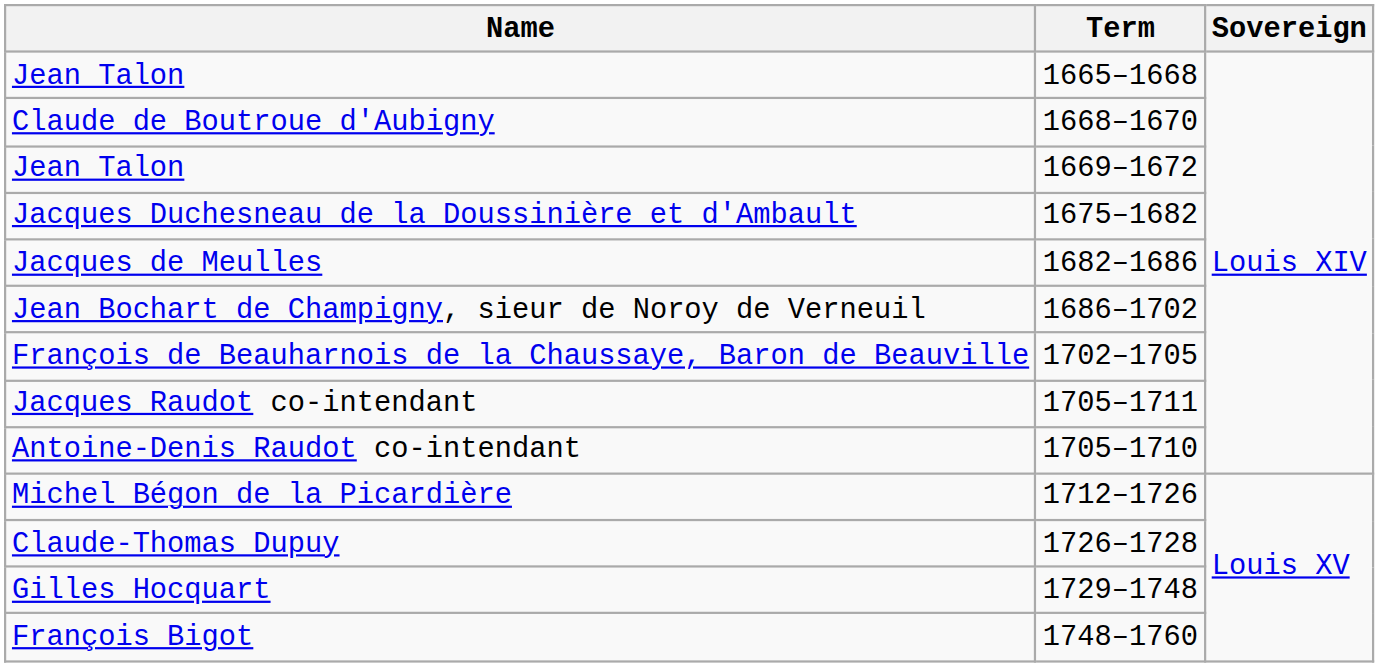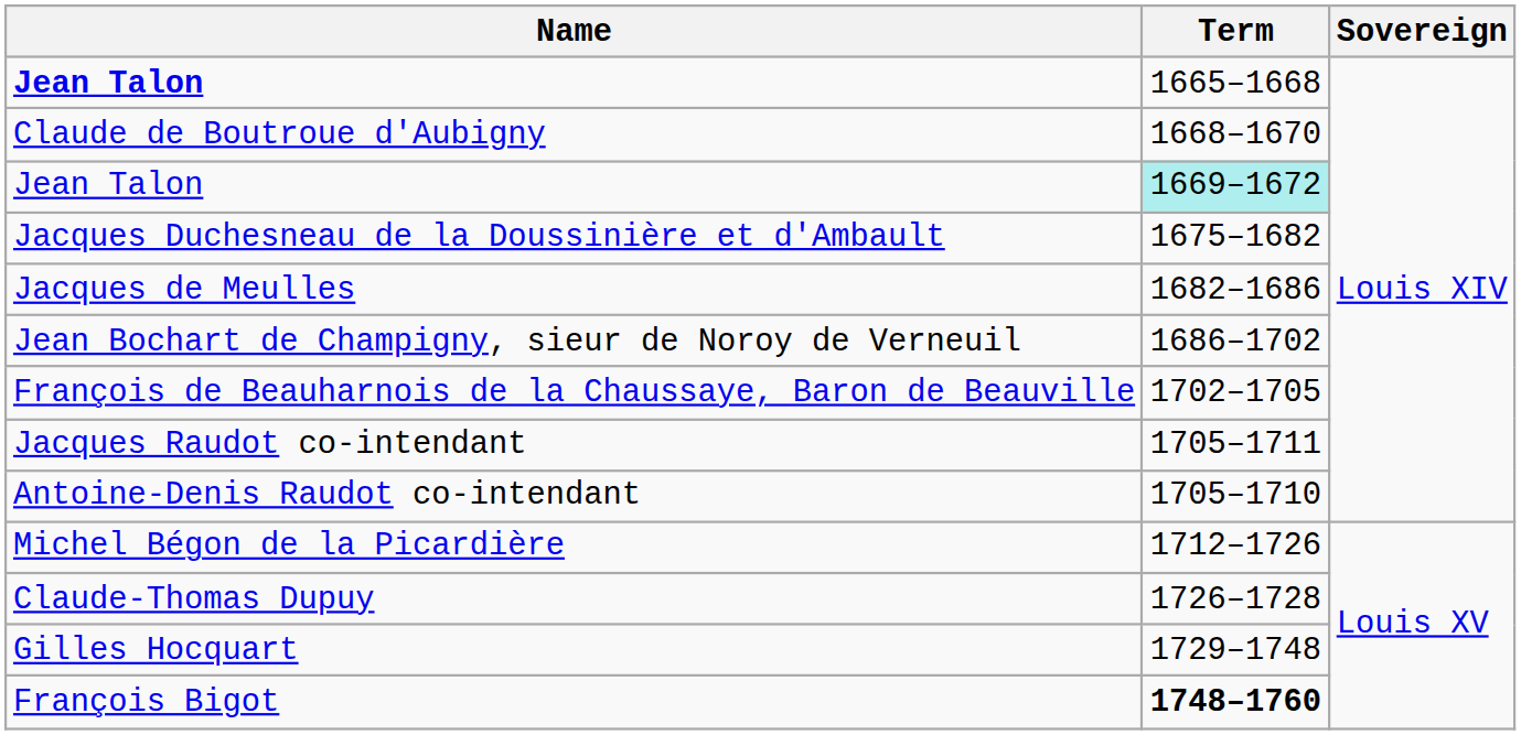 <table class="wikitable">
 <tr>
 <th>Name</th>
 <th>Term</th>
 <th>Sovereign</th>
 </tr>
 <tr>
-<td><a href='#'>Jean Talon</a></td>
+<td><strong><a href='#'>Jean Talon</a></strong></td>
 <td>1665–1668</td>
 <td rowspan="9"><a href='#'>Louis XIV</a></td>
 </tr>
 <tr>
 <td><a href='#'>Claude de Boutroue d'Aubigny</a></td>
 <td>1668–1670</td>
 </tr>
 <tr>
 <td><a href='#'>Jean Talon</a></td>
-<td>1669–1672</td>
+<td style="background: paleturquoise;">1669–1672</td>
 </tr>
 <tr>
 <td><a href='#'>Jacques Duchesneau de la Doussinière et d'Ambault</a></td>
 <td>1675–1682</td>
 </tr>
 <tr>
 <td><a href='#'>Jacques de Meulles</a></td>
 <td>1682–1686</td>
 </tr>
 <tr>
 <td><a href='#'>Jean Bochart de Champigny</a>, sieur de Noroy de Verneuil </td>
 <td>1686–1702</td>
 </tr>
 <tr>
 <td><a href='#'>François de Beauharnois de la Chaussaye, Baron de Beauville</a></td>
 <td>1702–1705</td>
 </tr>
 <tr>
 <td><a href='#'>Jacques Raudot</a> co-intendant</td>
 <td>1705–1711</td>
 </tr>
 <tr>
 <td><a href='#'>Antoine-Denis Raudot</a> co-intendant</td>
 <td>1705–1710</td>
 </tr>
 <tr>
 <td><a href='#'>Michel Bégon de la Picardière</a></td>
 <td>1712–1726</td>
 <td rowspan="4"><a href='#'>Louis XV</a></td>
 </tr>
 <tr>
 <td><a href='#'>Claude-Thomas Dupuy</a></td>
 <td>1726–1728</td>
 </tr>
 <tr>
 <td><a href='#'>Gilles Hocquart</a></td>
 <td>1729–1748</td>
 </tr>
 <tr>
 <td><a href='#'>François Bigot</a></td>
-<td>1748–1760</td>
+<td><strong>1748–1760</strong></td>
 </tr>
 </table>
